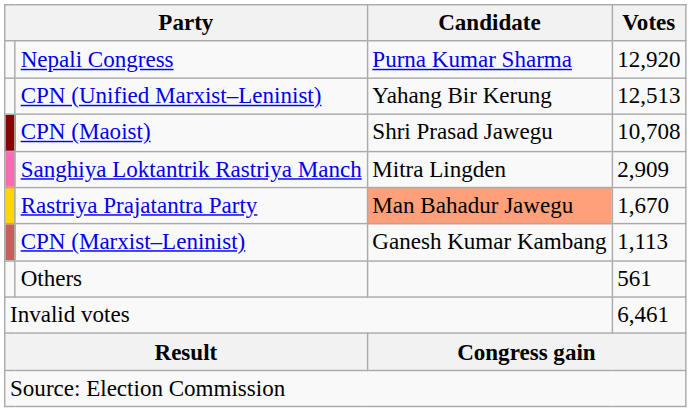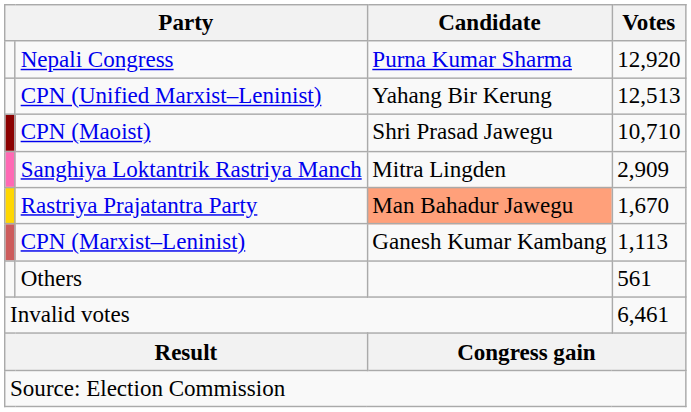 <table class="wikitable">
 <tr>
 <th colspan="2">Party</th>
 <th>Candidate</th>
 <th>Votes</th>
 </tr>
 <tr>
 <td style="background-color:"></td>
 <td><a href='#'>Nepali Congress</a></td>
 <td><a href='#'>Purna Kumar Sharma</a></td>
 <td>12,920</td>
 </tr>
 <tr>
 <td style="background-color:"></td>
 <td><a href='#'>CPN (Unified Marxist–Leninist)</a></td>
 <td>Yahang Bir Kerung</td>
 <td>12,513</td>
 </tr>
 <tr>
 <td style="background-color:darkred"></td>
 <td><a href='#'>CPN (Maoist)</a></td>
 <td>Shri Prasad Jawegu</td>
-<td>10,708</td>
+<td>10,710</td>
 </tr>
 <tr>
 <td style="background-color:hotpink"></td>
 <td><a href='#'>Sanghiya Loktantrik Rastriya Manch</a></td>
 <td>Mitra Lingden</td>
 <td>2,909</td>
 </tr>
 <tr>
 <td style="background-color:gold"></td>
 <td><a href='#'>Rastriya Prajatantra Party</a></td>
 <td style="background: lightsalmon;">Man Bahadur Jawegu</td>
 <td>1,670</td>
 </tr>
 <tr>
 <td style="background-color:indianred"></td>
 <td><a href='#'>CPN (Marxist–Leninist)</a></td>
 <td>Ganesh Kumar Kambang</td>
 <td>1,113</td>
 </tr>
 <tr>
 <td></td>
 <td>Others</td>
 <td></td>
 <td>561</td>
 </tr>
 <tr>
 <td colspan="3">Invalid votes</td>
 <td>6,461</td>
 </tr>
 <tr>
 <th colspan="2">Result</th>
 <th colspan="2">Congress gain</th>
 </tr>
 <tr>
 <td colspan="4">Source: Election Commission</td>
 </tr>
 </table>
